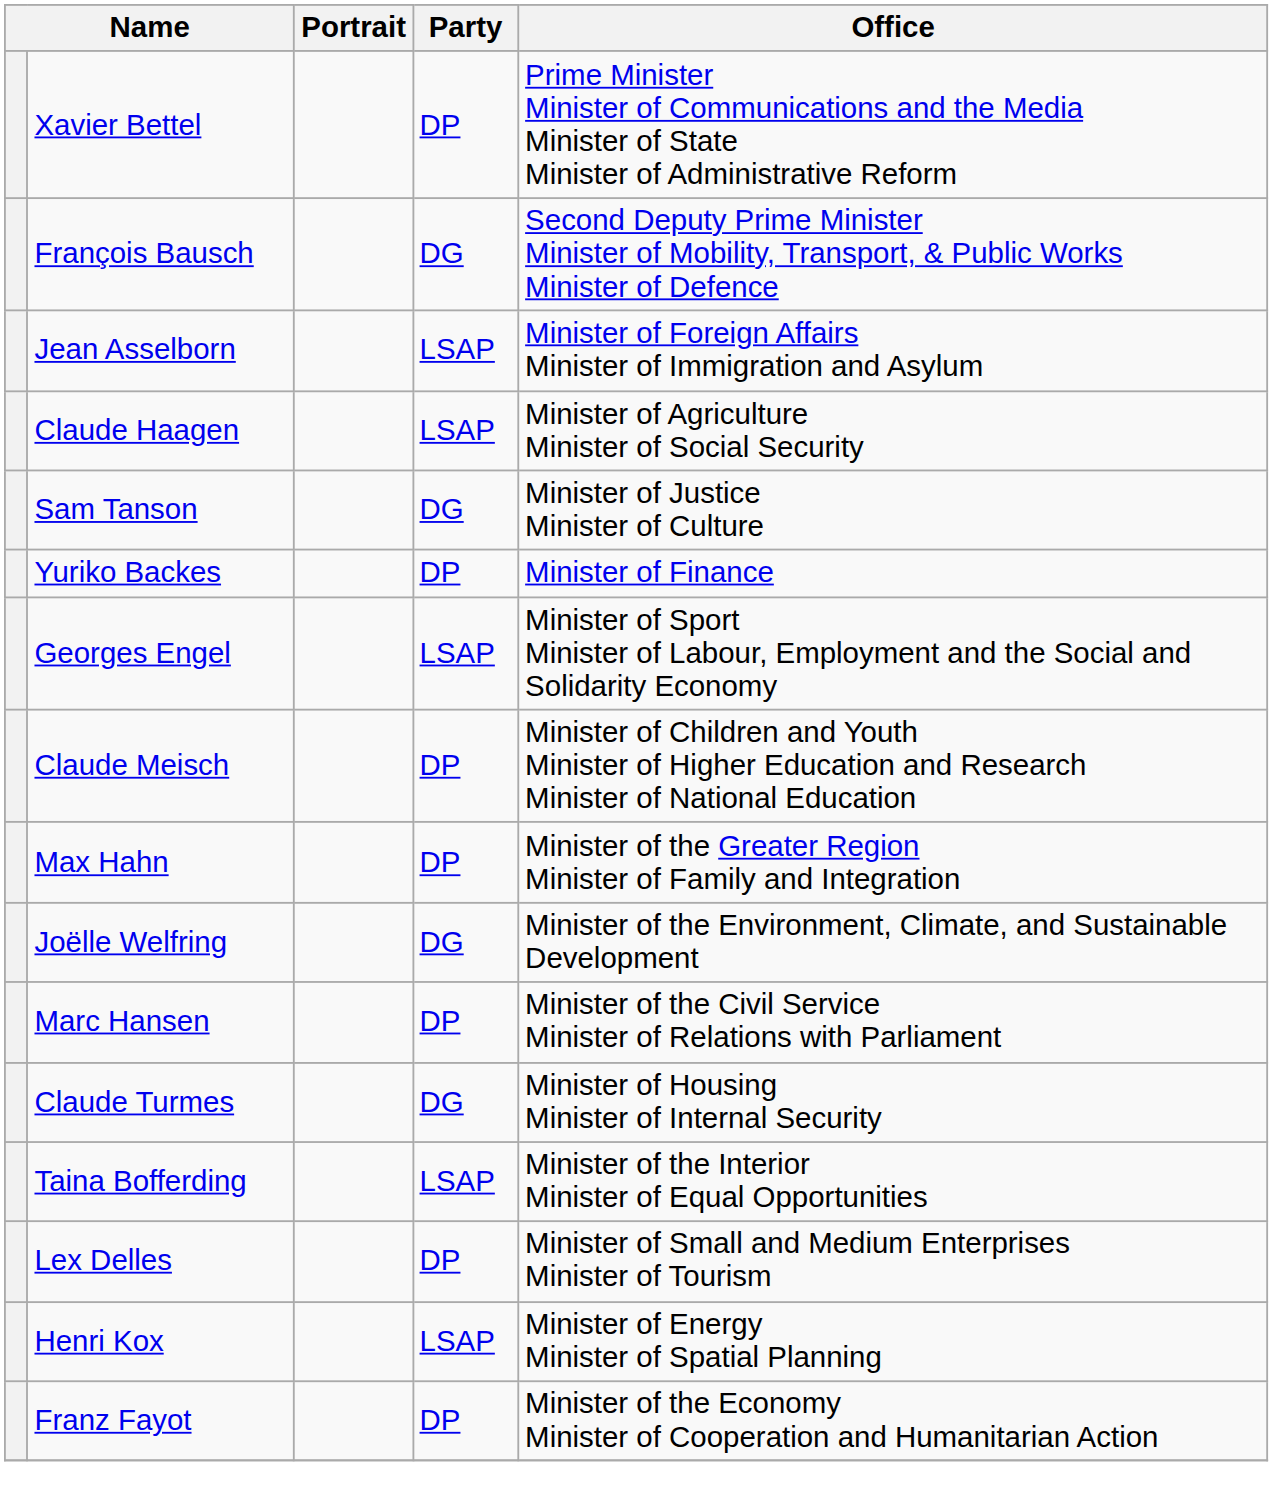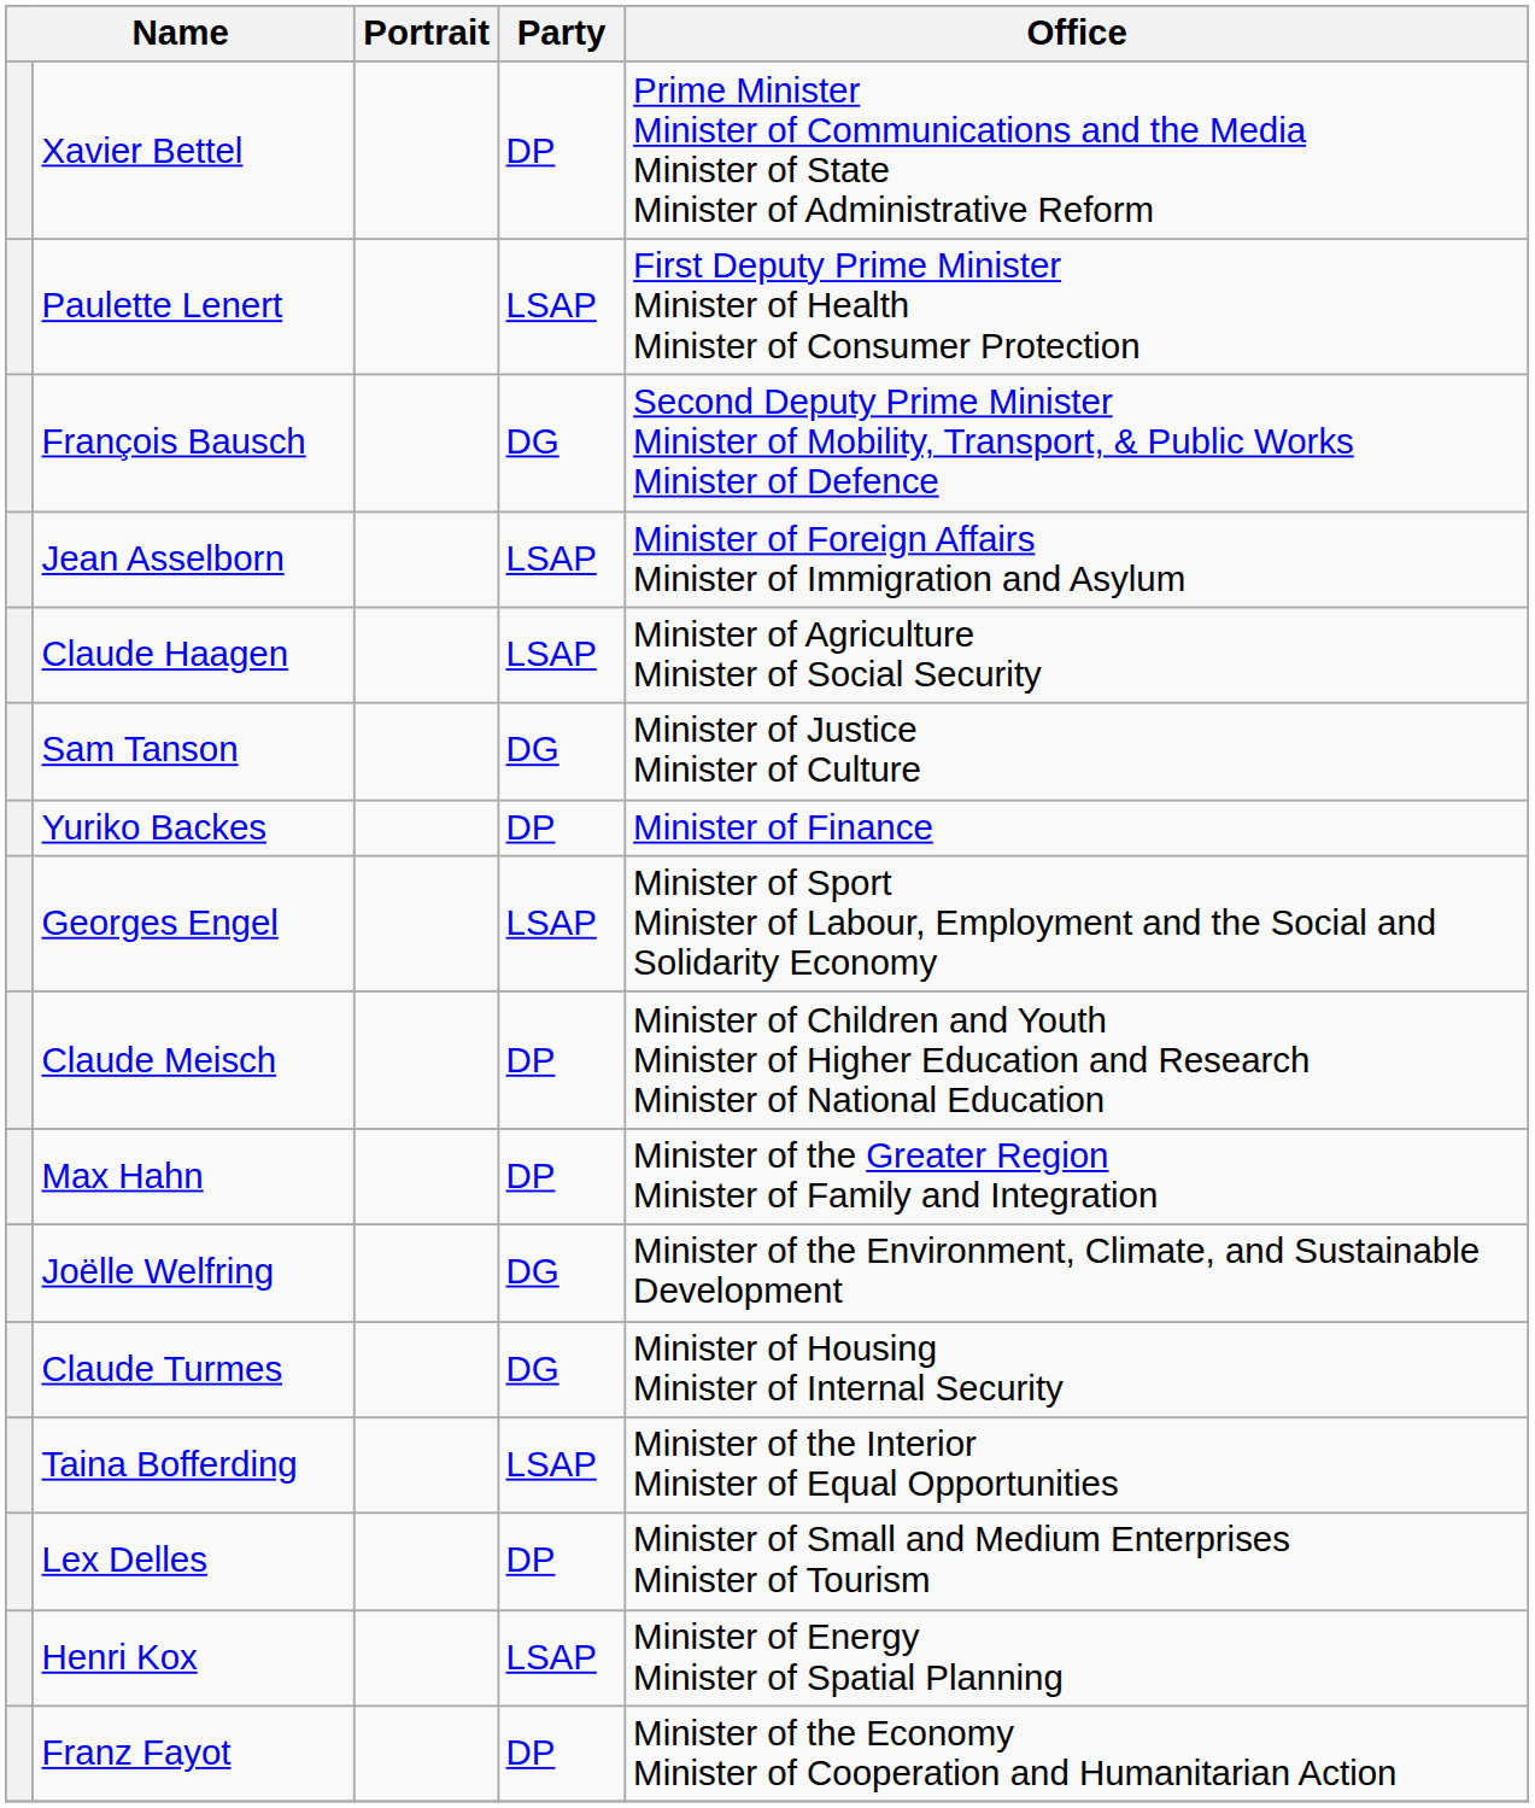 <table class="wikitable">
 <tr>
 <th colspan=2 width=150px>Name</th>
 <th scope=col class="unsortable">Portrait</th>
 <th width=50px>Party</th>
 <th width=400px>Office</th>
 </tr>
 <tr>
 <th width=5px style="background-color: "></th>
 <td valign=center><a href='#'>Xavier Bettel</a></td>
 <td valign=center></td>
 <td valign=center><a href='#'>DP</a></td>
 <td><a href='#'>Prime Minister</a> <br> <a href='#'>Minister of Communications and the Media</a> <br> Minister of State <br> Minister of Administrative Reform</td>
+</tr>
+<tr>
+<th style="background-color: "></th>
+<td valign=center><a href='#'>Paulette Lenert</a></td>
+<td valign=center></td>
+<td valign=center><a href='#'>LSAP</a></td>
+<td><a href='#'>First Deputy Prime Minister</a> <br> Minister of Health <br> Minister of Consumer Protection</td>
 </tr>
 <tr>
 <th style="background-color: "></th>
 <td valign=center><a href='#'>François Bausch</a></td>
 <td valign=center></td>
 <td valign=center><a href='#'>DG</a></td>
 <td><a href='#'>Second Deputy Prime Minister</a> <br> <a href='#'>Minister of Mobility, Transport, & Public Works</a> <br> <a href='#'>Minister of Defence</a></td>
 </tr>
 <tr>
 <th style="background-color: "></th>
 <td valign=center><a href='#'>Jean Asselborn</a></td>
 <td valign=center></td>
 <td valign=center><a href='#'>LSAP</a></td>
 <td><a href='#'>Minister of Foreign Affairs</a> <br> Minister of Immigration and Asylum</td>
 </tr>
 <tr>
 <th style="background-color: "></th>
 <td valign=center><a href='#'>Claude Haagen</a></td>
 <td valign=center></td>
 <td valign=center><a href='#'>LSAP</a></td>
 <td>Minister of Agriculture <br> Minister of Social Security</td>
 </tr>
 <tr>
 <th style="background-color: "></th>
 <td valign=center><a href='#'>Sam Tanson</a></td>
 <td valign=center></td>
 <td valign=center><a href='#'>DG</a></td>
 <td>Minister of Justice <br> Minister of Culture</td>
 </tr>
 <tr>
 <th style="background-color: "></th>
 <td valign=center><a href='#'>Yuriko Backes</a></td>
 <td valign=center></td>
 <td valign=center><a href='#'>DP</a></td>
 <td><a href='#'>Minister of Finance</a></td>
 </tr>
 <tr>
 <th style="background-color: "></th>
 <td valign=center><a href='#'>Georges Engel</a></td>
 <td valign=center></td>
 <td valign=center><a href='#'>LSAP</a></td>
 <td>Minister of Sport <br> Minister of Labour, Employment and the Social and Solidarity Economy</td>
 </tr>
 <tr>
 <th style="background-color: "></th>
 <td valign=center><a href='#'>Claude Meisch</a></td>
 <td valign=center></td>
 <td valign=center><a href='#'>DP</a></td>
 <td>Minister of Children and Youth <br> Minister of Higher Education and Research <br> Minister of National Education</td>
 </tr>
 <tr>
 <th style="background-color: "></th>
 <td valign=center><a href='#'>Max Hahn</a></td>
 <td valign=center></td>
 <td valign=center><a href='#'>DP</a></td>
 <td>Minister of the <a href='#'>Greater Region</a> <br> Minister of Family and Integration</td>
 </tr>
 <tr>
 <th style="background-color: "></th>
 <td valign=center><a href='#'>Joëlle Welfring</a></td>
 <td valign=center></td>
 <td valign=center><a href='#'>DG</a></td>
 <td>Minister of the Environment, Climate, and Sustainable Development</td>
 </tr>
 <tr>
 <th style="background-color: "></th>
-<td valign=center><a href='#'>Marc Hansen</a></td>
-<td valign=center></td>
-<td valign=center><a href='#'>DP</a></td>
-<td>Minister of the Civil Service <br> Minister of Relations with Parliament</td>
-</tr>
-<tr>
-<th style="background-color: "></th>
 <td valign=center><a href='#'>Claude Turmes</a></td>
 <td valign=center></td>
 <td valign=center><a href='#'>DG</a></td>
 <td>Minister of Housing <br> Minister of Internal Security</td>
 </tr>
 <tr>
 <th style="background-color: "></th>
 <td valign=center><a href='#'>Taina Bofferding</a></td>
 <td valign=center></td>
 <td valign=center><a href='#'>LSAP</a></td>
 <td>Minister of the Interior <br> Minister of Equal Opportunities</td>
 </tr>
 <tr>
 <th style="background-color: "></th>
 <td valign="center"><a href='#'>Lex Delles</a></td>
 <td valign=center></td>
 <td valign=center><a href='#'>DP</a></td>
 <td>Minister of Small and Medium Enterprises <br> Minister of Tourism</td>
 </tr>
 <tr>
 <th style="background-color: "></th>
 <td valign=center><a href='#'>Henri Kox</a></td>
 <td valign=center></td>
 <td valign=center><a href='#'>LSAP</a></td>
 <td>Minister of Energy <br> Minister of Spatial Planning</td>
 </tr>
 <tr>
 <th style="background-color: "></th>
 <td valign=center><a href='#'>Franz Fayot</a></td>
 <td valign=center></td>
 <td valign=center><a href='#'>DP</a></td>
 <td>Minister of the Economy<br> Minister of Cooperation and Humanitarian Action</td>
 </tr>
 <tr>
 </tr>
 </table>
